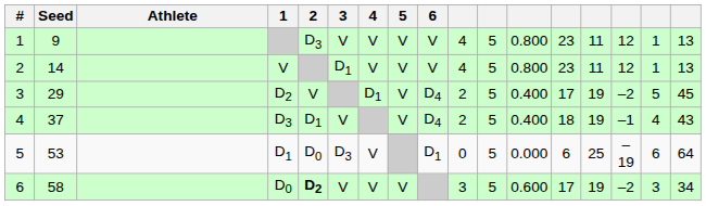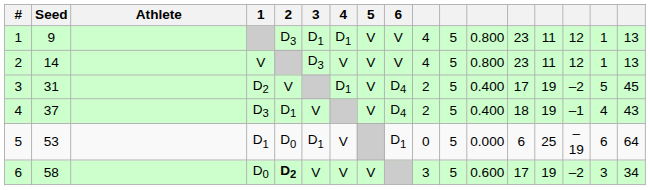 <table class="wikitable" style="text-align:center">
 <tr>
 <th width="25">#</th>
 <th width="25">Seed</th>
 <th width="200">Athlete</th>
 <th width="25">1</th>
 <th width="25">2</th>
 <th width="25">3</th>
 <th width="25">4</th>
 <th width="25">5</th>
 <th width="25">6</th>
 <th width="25"></th>
 <th width="25"></th>
 <th width="40"></th>
 <th width="25"></th>
 <th width="25"></th>
 <th width="25"></th>
 <th width="25"></th>
 <th width="25"></th>
 </tr>
 <tr bgcolor="#ccffcc">
 <td>1</td>
 <td>9</td>
 <td align=left></td>
 <td bgcolor="#cccccc"></td>
 <td>D<sub>3</sub></td>
-<td>V</td>
-<td>V</td>
+<td>D<sub>1</sub></td>
+<td>D<sub>1</sub></td>
 <td>V</td>
 <td>V</td>
 <td>4</td>
 <td>5</td>
 <td>0.800</td>
 <td>23</td>
 <td>11</td>
 <td>12</td>
 <td>1</td>
 <td>13</td>
 </tr>
 <tr bgcolor="#ccffcc">
 <td>2</td>
 <td>14</td>
 <td align=left></td>
 <td>V</td>
 <td bgcolor="#cccccc"></td>
-<td>D<sub>1</sub></td>
+<td>D<sub>3</sub></td>
 <td>V</td>
 <td>V</td>
 <td>V</td>
 <td>4</td>
 <td>5</td>
 <td>0.800</td>
 <td>23</td>
 <td>11</td>
 <td>12</td>
 <td>1</td>
 <td>13</td>
 </tr>
 <tr bgcolor="#ccffcc">
 <td>3</td>
-<td>29</td>
+<td>31</td>
 <td align=left></td>
 <td>D<sub>2</sub></td>
 <td>V</td>
 <td bgcolor="#cccccc"></td>
 <td>D<sub>1</sub></td>
 <td>V</td>
 <td>D<sub>4</sub></td>
 <td>2</td>
 <td>5</td>
 <td>0.400</td>
 <td>17</td>
 <td>19</td>
 <td>–2</td>
 <td>5</td>
 <td>45</td>
 </tr>
 <tr bgcolor="#ccffcc">
 <td>4</td>
 <td>37</td>
 <td align=left></td>
 <td>D<sub>3</sub></td>
 <td>D<sub>1</sub></td>
 <td>V</td>
 <td bgcolor="#cccccc"></td>
 <td>V</td>
 <td>D<sub>4</sub></td>
 <td>2</td>
 <td>5</td>
 <td>0.400</td>
 <td>18</td>
 <td>19</td>
 <td>–1</td>
 <td>4</td>
 <td>43</td>
 </tr>
 <tr>
 <td>5</td>
 <td>53</td>
 <td align=left></td>
 <td>D<sub>1</sub></td>
 <td>D<sub>0</sub></td>
-<td>D<sub>3</sub></td>
+<td>D<sub>1</sub></td>
 <td>V</td>
 <td bgcolor="#cccccc"></td>
 <td>D<sub>1</sub></td>
 <td>0</td>
 <td>5</td>
 <td>0.000</td>
 <td>6</td>
 <td>25</td>
 <td>–19</td>
 <td>6</td>
 <td>64</td>
 </tr>
 <tr bgcolor="#ccffcc">
 <td>6</td>
 <td>58</td>
 <td align=left></td>
 <td>D<sub>0</sub></td>
 <td><strong>D<sub>2</sub></strong></td>
 <td>V</td>
 <td>V</td>
 <td>V</td>
 <td bgcolor="#cccccc"></td>
 <td>3</td>
 <td>5</td>
 <td>0.600</td>
 <td>17</td>
 <td>19</td>
 <td>–2</td>
 <td>3</td>
 <td>34</td>
 </tr>
 </table>
